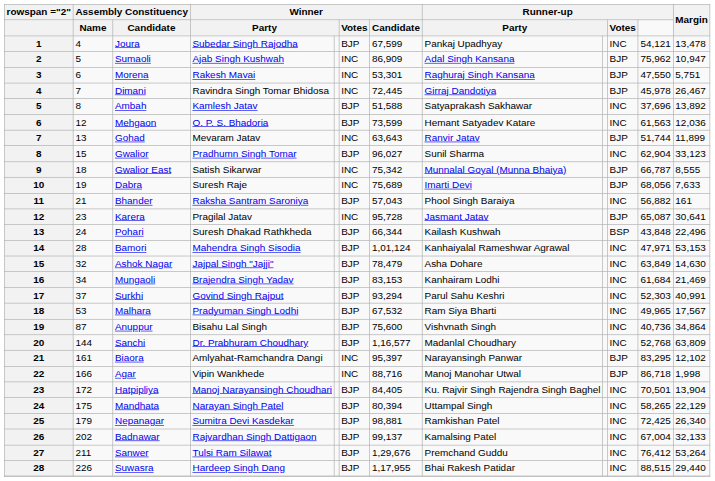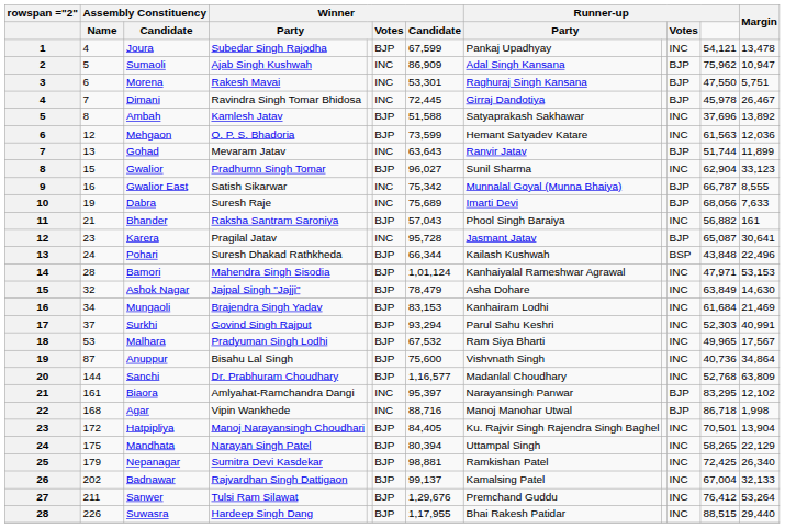 <table class="wikitable sortable">
 <tr>
 <th>rowspan ="2" </th>
 <th colspan="2">Assembly Constituency</th>
 <th colspan="4">Winner</th>
 <th colspan="4">Runner-up</th>
 <th rowspan="2">Margin</th>
 </tr>
 <tr>
 <th></th>
 <th>Name</th>
 <th>Candidate</th>
 <th colspan="2">Party</th>
 <th>Votes</th>
 <th>Candidate</th>
 <th colspan="2">Party</th>
 <th>Votes</th>
 </tr>
 <tr>
 <th>1</th>
 <td>4</td>
 <td><a href='#'>Joura</a></td>
 <td><a href='#'>Subedar Singh Rajodha</a></td>
 <td></td>
 <td>BJP</td>
 <td>67,599</td>
 <td>Pankaj Upadhyay</td>
 <td></td>
 <td>INC</td>
 <td>54,121</td>
 <td>13,478</td>
 </tr>
 <tr>
 <th>2</th>
 <td>5</td>
 <td><a href='#'>Sumaoli</a></td>
 <td><a href='#'>Ajab Singh Kushwah</a></td>
 <td></td>
 <td>INC</td>
 <td>86,909</td>
 <td><a href='#'>Adal Singh Kansana</a></td>
 <td></td>
 <td>BJP</td>
 <td>75,962</td>
 <td>10,947</td>
 </tr>
 <tr>
 <th>3</th>
 <td>6</td>
 <td><a href='#'>Morena</a></td>
 <td><a href='#'>Rakesh Mavai</a></td>
 <td></td>
 <td>INC</td>
 <td>53,301</td>
 <td><a href='#'>Raghuraj Singh Kansana</a></td>
 <td></td>
 <td>BJP</td>
 <td>47,550</td>
 <td>5,751</td>
 </tr>
 <tr>
 <th>4</th>
 <td>7</td>
 <td><a href='#'>Dimani</a></td>
 <td>Ravindra Singh Tomar Bhidosa</td>
 <td></td>
 <td>INC</td>
 <td>72,445</td>
 <td><a href='#'>Girraj Dandotiya</a></td>
 <td></td>
 <td>BJP</td>
 <td>45,978</td>
 <td>26,467</td>
 </tr>
 <tr>
 <th>5</th>
 <td>8</td>
 <td><a href='#'>Ambah</a></td>
 <td><a href='#'>Kamlesh Jatav</a></td>
 <td></td>
 <td>BJP</td>
 <td>51,588</td>
 <td>Satyaprakash Sakhawar</td>
 <td></td>
 <td>INC</td>
 <td>37,696</td>
 <td>13,892</td>
 </tr>
 <tr>
 <th>6</th>
 <td>12</td>
 <td><a href='#'>Mehgaon</a></td>
 <td><a href='#'>O. P. S. Bhadoria</a></td>
 <td></td>
 <td>BJP</td>
 <td>73,599</td>
 <td>Hemant Satyadev Katare</td>
 <td></td>
 <td>INC</td>
 <td>61,563</td>
 <td>12,036</td>
 </tr>
 <tr>
 <th>7</th>
 <td>13</td>
 <td><a href='#'>Gohad</a></td>
 <td>Mevaram Jatav</td>
 <td></td>
 <td>INC</td>
 <td>63,643</td>
 <td><a href='#'>Ranvir Jatav</a></td>
 <td></td>
 <td>BJP</td>
 <td>51,744</td>
 <td>11,899</td>
 </tr>
 <tr>
 <th>8</th>
 <td>15</td>
 <td><a href='#'>Gwalior</a></td>
 <td><a href='#'>Pradhumn Singh Tomar</a></td>
 <td></td>
 <td>BJP</td>
 <td>96,027</td>
 <td>Sunil Sharma</td>
 <td></td>
 <td>INC</td>
 <td>62,904</td>
 <td>33,123</td>
 </tr>
 <tr>
 <th>9</th>
-<td>18</td>
+<td>16</td>
 <td><a href='#'>Gwalior East</a></td>
 <td>Satish Sikarwar</td>
 <td></td>
 <td>INC</td>
 <td>75,342</td>
 <td><a href='#'>Munnalal Goyal (Munna Bhaiya)</a></td>
 <td></td>
 <td>BJP</td>
 <td>66,787</td>
 <td>8,555</td>
 </tr>
 <tr>
 <th>10</th>
 <td>19</td>
 <td><a href='#'>Dabra</a></td>
 <td>Suresh Raje</td>
 <td></td>
 <td>INC</td>
 <td>75,689</td>
 <td><a href='#'>Imarti Devi</a></td>
 <td></td>
 <td>BJP</td>
 <td>68,056</td>
 <td>7,633</td>
 </tr>
 <tr>
 <th>11</th>
 <td>21</td>
 <td><a href='#'>Bhander</a></td>
 <td><a href='#'>Raksha Santram Saroniya</a></td>
 <td></td>
 <td>BJP</td>
 <td>57,043</td>
 <td>Phool Singh Baraiya</td>
 <td></td>
 <td>INC</td>
 <td>56,882</td>
 <td>161</td>
 </tr>
 <tr>
 <th>12</th>
 <td>23</td>
 <td><a href='#'>Karera</a></td>
 <td>Pragilal Jatav</td>
 <td></td>
 <td>INC</td>
 <td>95,728</td>
 <td><a href='#'>Jasmant Jatav</a></td>
 <td></td>
 <td>BJP</td>
 <td>65,087</td>
 <td>30,641</td>
 </tr>
 <tr>
 <th>13</th>
 <td>24</td>
 <td><a href='#'>Pohari</a></td>
 <td>Suresh Dhakad Rathkheda</td>
 <td></td>
 <td>BJP</td>
 <td>66,344</td>
 <td>Kailash Kushwah</td>
 <td></td>
 <td>BSP</td>
 <td>43,848</td>
 <td>22,496</td>
 </tr>
 <tr>
 <th>14</th>
 <td>28</td>
 <td><a href='#'>Bamori</a></td>
 <td><a href='#'>Mahendra Singh Sisodia</a></td>
 <td></td>
 <td>BJP</td>
 <td>1,01,124</td>
 <td>Kanhaiyalal Rameshwar Agrawal</td>
 <td></td>
 <td>INC</td>
 <td>47,971</td>
 <td>53,153</td>
 </tr>
 <tr>
 <th>15</th>
 <td>32</td>
 <td><a href='#'>Ashok Nagar</a></td>
 <td><a href='#'>Jajpal Singh "Jajji"</a></td>
 <td></td>
 <td>BJP</td>
 <td>78,479</td>
 <td>Asha Dohare</td>
 <td></td>
 <td>INC</td>
 <td>63,849</td>
 <td>14,630</td>
 </tr>
 <tr>
 <th>16</th>
 <td>34</td>
 <td><a href='#'>Mungaoli</a></td>
 <td><a href='#'>Brajendra Singh Yadav</a></td>
 <td></td>
 <td>BJP</td>
 <td>83,153</td>
 <td>Kanhairam Lodhi</td>
 <td></td>
 <td>INC</td>
 <td>61,684</td>
 <td>21,469</td>
 </tr>
 <tr>
 <th>17</th>
 <td>37</td>
 <td><a href='#'>Surkhi</a></td>
 <td><a href='#'>Govind Singh Rajput</a></td>
 <td></td>
 <td>BJP</td>
 <td>93,294</td>
 <td>Parul Sahu Keshri</td>
 <td></td>
 <td>INC</td>
 <td>52,303</td>
 <td>40,991</td>
 </tr>
 <tr>
 <th>18</th>
 <td>53</td>
 <td><a href='#'>Malhara</a></td>
 <td><a href='#'>Pradyuman Singh Lodhi</a></td>
 <td></td>
 <td>BJP</td>
 <td>67,532</td>
 <td>Ram Siya Bharti</td>
 <td></td>
 <td>INC</td>
 <td>49,965</td>
 <td>17,567</td>
 </tr>
 <tr>
 <th>19</th>
 <td>87</td>
 <td><a href='#'>Anuppur</a></td>
 <td>Bisahu Lal Singh</td>
 <td></td>
 <td>BJP</td>
 <td>75,600</td>
 <td>Vishvnath Singh</td>
 <td></td>
 <td>INC</td>
 <td>40,736</td>
 <td>34,864</td>
 </tr>
 <tr>
 <th>20</th>
 <td>144</td>
 <td><a href='#'>Sanchi</a></td>
 <td><a href='#'>Dr. Prabhuram Choudhary</a></td>
 <td></td>
 <td>BJP</td>
 <td>1,16,577</td>
 <td>Madanlal Choudhary</td>
 <td></td>
 <td>INC</td>
 <td>52,768</td>
 <td>63,809</td>
 </tr>
 <tr>
 <th>21</th>
 <td>161</td>
 <td><a href='#'>Biaora</a></td>
 <td>Amlyahat-Ramchandra Dangi</td>
 <td></td>
 <td>INC</td>
 <td>95,397</td>
 <td>Narayansingh Panwar</td>
 <td></td>
 <td>BJP</td>
 <td>83,295</td>
 <td>12,102</td>
 </tr>
 <tr>
 <th>22</th>
-<td>166</td>
+<td>168</td>
 <td><a href='#'>Agar</a></td>
 <td>Vipin Wankhede</td>
 <td></td>
 <td>INC</td>
 <td>88,716</td>
 <td>Manoj Manohar Utwal</td>
 <td></td>
 <td>BJP</td>
 <td>86,718</td>
 <td>1,998</td>
 </tr>
 <tr>
 <th>23</th>
 <td>172</td>
 <td><a href='#'>Hatpipliya</a></td>
 <td><a href='#'>Manoj Narayansingh Choudhari</a></td>
 <td></td>
 <td>BJP</td>
 <td>84,405</td>
 <td>Ku. Rajvir Singh Rajendra Singh Baghel</td>
 <td></td>
 <td>INC</td>
 <td>70,501</td>
 <td>13,904</td>
 </tr>
 <tr>
 <th>24</th>
 <td>175</td>
 <td><a href='#'>Mandhata</a></td>
 <td><a href='#'>Narayan Singh Patel</a></td>
 <td></td>
 <td>BJP</td>
 <td>80,394</td>
 <td>Uttampal Singh</td>
 <td></td>
 <td>INC</td>
 <td>58,265</td>
 <td>22,129</td>
 </tr>
 <tr>
 <th>25</th>
 <td>179</td>
 <td><a href='#'>Nepanagar</a></td>
 <td><a href='#'>Sumitra Devi Kasdekar</a></td>
 <td></td>
 <td>BJP</td>
 <td>98,881</td>
 <td>Ramkishan Patel</td>
 <td></td>
 <td>INC</td>
 <td>72,425</td>
 <td>26,340</td>
 </tr>
 <tr>
 <th>26</th>
 <td>202</td>
 <td><a href='#'>Badnawar</a></td>
 <td><a href='#'>Rajvardhan Singh Dattigaon</a></td>
 <td></td>
 <td>BJP</td>
 <td>99,137</td>
 <td>Kamalsing Patel</td>
 <td></td>
 <td>INC</td>
 <td>67,004</td>
 <td>32,133</td>
 </tr>
 <tr>
 <th>27</th>
 <td>211</td>
 <td><a href='#'>Sanwer</a></td>
 <td><a href='#'>Tulsi Ram Silawat</a></td>
 <td></td>
 <td>BJP</td>
 <td>1,29,676</td>
 <td>Premchand Guddu</td>
 <td></td>
 <td>INC</td>
 <td>76,412</td>
 <td>53,264</td>
 </tr>
 <tr>
 <th>28</th>
 <td>226</td>
 <td><a href='#'>Suwasra</a></td>
 <td><a href='#'>Hardeep Singh Dang</a></td>
 <td></td>
 <td>BJP</td>
 <td>1,17,955</td>
 <td>Bhai Rakesh Patidar</td>
 <td></td>
 <td>INC</td>
 <td>88,515</td>
 <td>29,440</td>
 </tr>
 <tr>
 </tr>
 </table>
